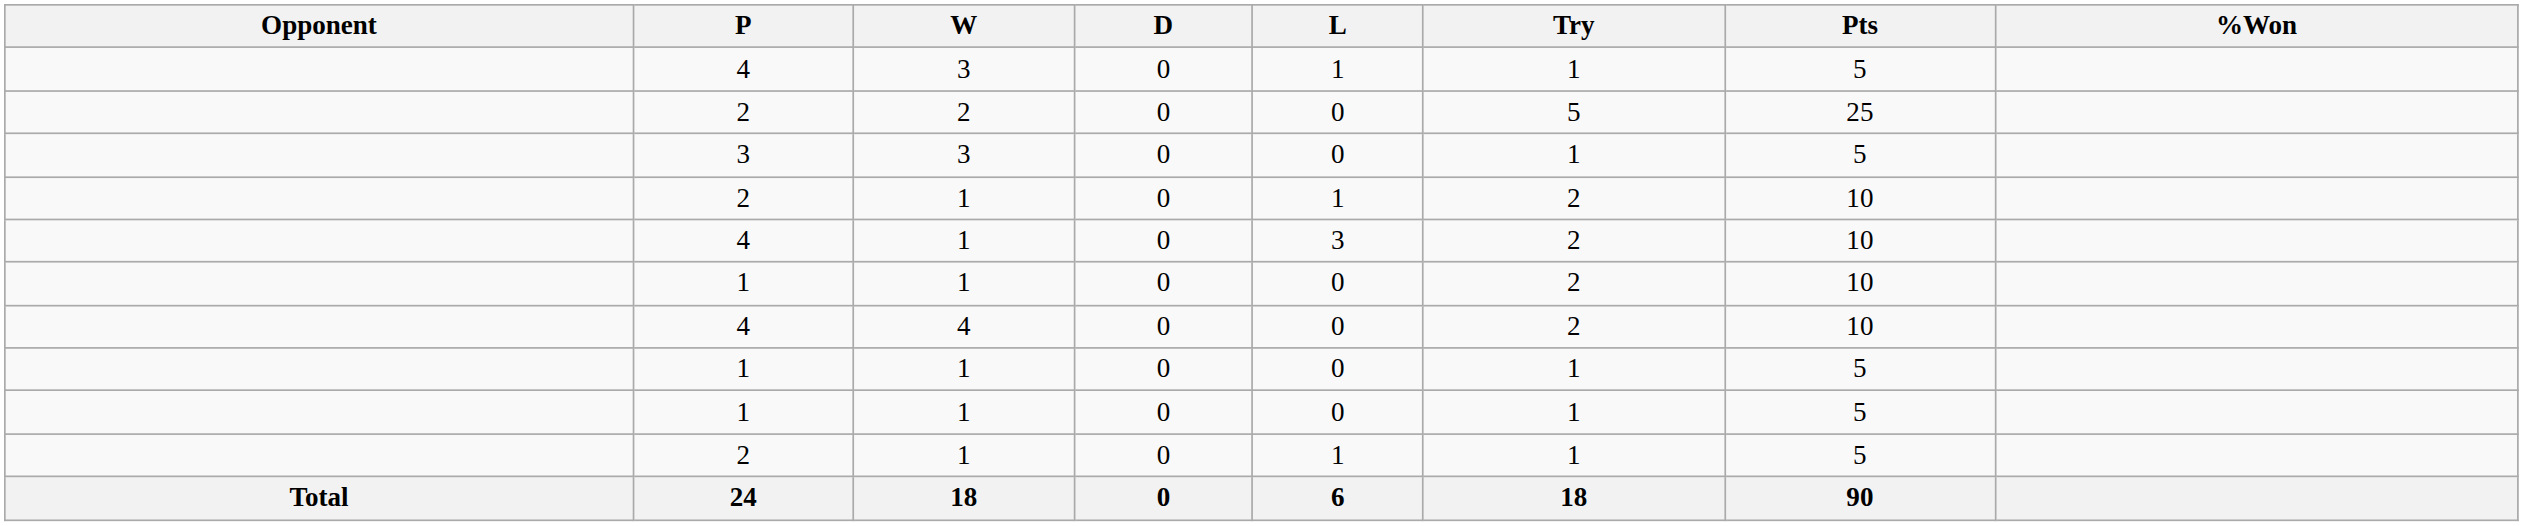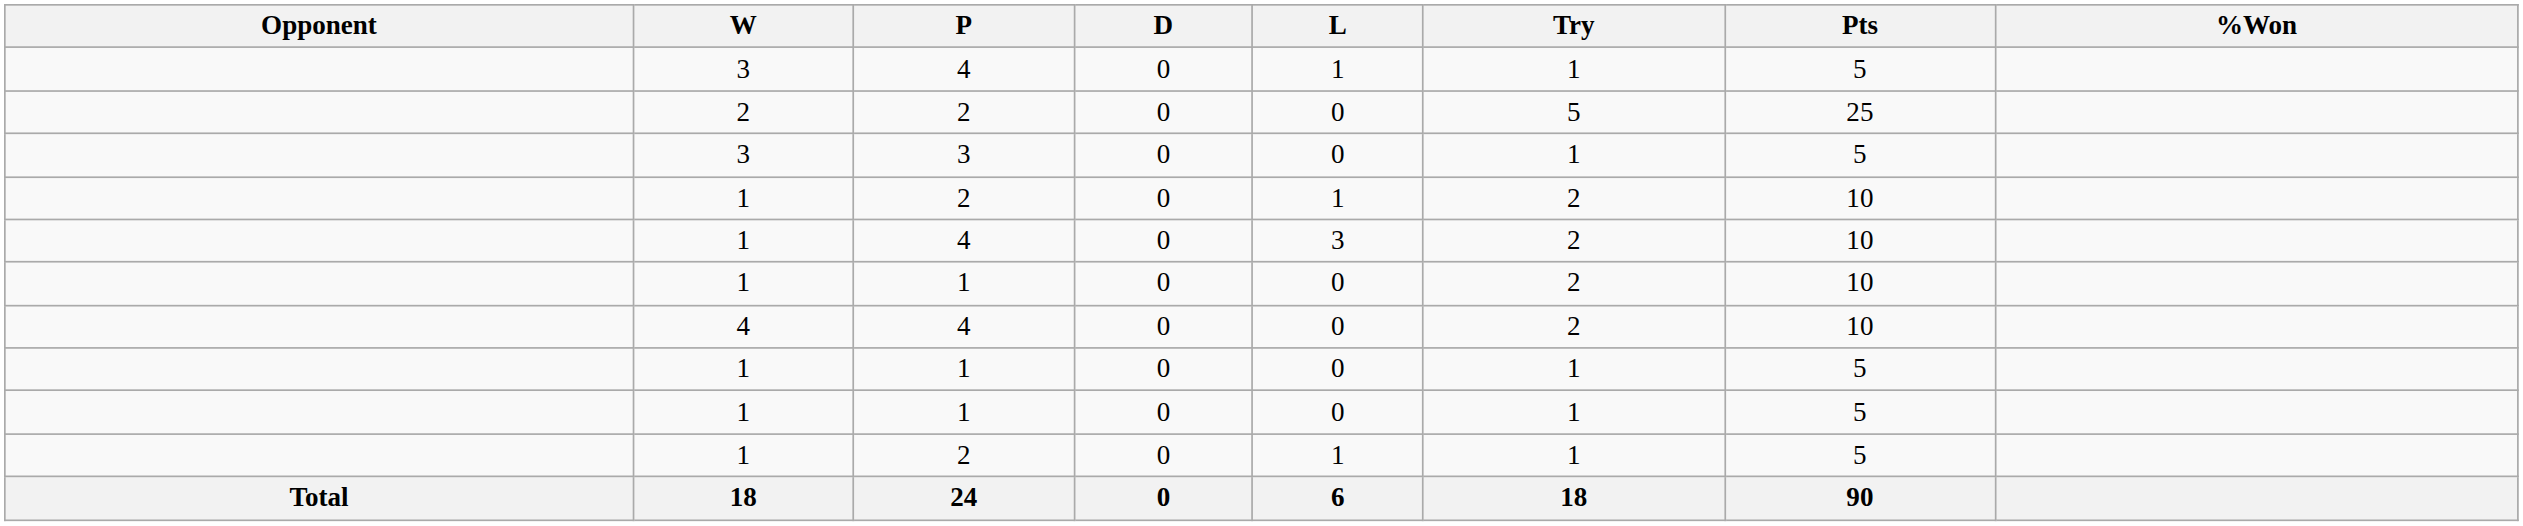 <table class="wikitable sortable" style="text-align:center;width:75%">
 <tr>
 <th style="width:25%;">Opponent</th>
+<th abbr="Won" style="width:10px;">W</th>
 <th abbr="Played" style="width:15px;">P</th>
-<th abbr="Won" style="width:10px;">W</th>
 <th abbr="Drawn" style="width:10px;">D</th>
 <th abbr="Lost" style="width:10px;">L</th>
 <th abbr="Tries" style="width:15px;">Try</th>
 <th abbr="Points" style="width:18px;">Pts</th>
 <th abbr="Won" style="width:15px;">%Won</th>
 </tr>
 <tr>
 <td align="left"></td>
+<td>3</td>
 <td>4</td>
-<td>3</td>
 <td>0</td>
 <td>1</td>
 <td>1</td>
 <td>5</td>
 <td></td>
 </tr>
 <tr>
 <td align="left"></td>
 <td>2</td>
 <td>2</td>
 <td>0</td>
 <td>0</td>
 <td>5</td>
 <td>25</td>
 <td></td>
 </tr>
 <tr>
 <td align="left"></td>
 <td>3</td>
 <td>3</td>
 <td>0</td>
 <td>0</td>
 <td>1</td>
 <td>5</td>
 <td></td>
 </tr>
 <tr>
 <td align="left"></td>
+<td>1</td>
 <td>2</td>
-<td>1</td>
 <td>0</td>
 <td>1</td>
 <td>2</td>
 <td>10</td>
 <td></td>
 </tr>
 <tr>
 <td align="left"></td>
+<td>1</td>
 <td>4</td>
-<td>1</td>
 <td>0</td>
 <td>3</td>
 <td>2</td>
 <td>10</td>
 <td></td>
 </tr>
 <tr>
 <td align="left"></td>
 <td>1</td>
 <td>1</td>
 <td>0</td>
 <td>0</td>
 <td>2</td>
 <td>10</td>
 <td></td>
 </tr>
 <tr>
 <td align="left"></td>
 <td>4</td>
 <td>4</td>
 <td>0</td>
 <td>0</td>
 <td>2</td>
 <td>10</td>
 <td></td>
 </tr>
 <tr>
 <td align="left"></td>
 <td>1</td>
 <td>1</td>
 <td>0</td>
 <td>0</td>
 <td>1</td>
 <td>5</td>
 <td></td>
 </tr>
 <tr>
 <td align="left"></td>
 <td>1</td>
 <td>1</td>
 <td>0</td>
 <td>0</td>
 <td>1</td>
 <td>5</td>
 <td></td>
 </tr>
 <tr>
 <td align="left"></td>
+<td>1</td>
 <td>2</td>
-<td>1</td>
 <td>0</td>
 <td>1</td>
 <td>1</td>
 <td>5</td>
 <td></td>
 </tr>
 <tr>
 <th>Total</th>
+<th>18</th>
 <th>24</th>
-<th>18</th>
 <th>0</th>
 <th>6</th>
 <th>18</th>
 <th>90</th>
 <th></th>
 </tr>
 </table>
